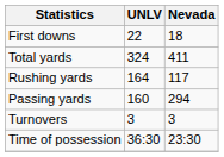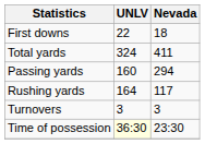 <table class="wikitable">
 <tr>
 <th>Statistics</th>
 <th>UNLV</th>
 <th>Nevada</th>
 </tr>
 <tr>
 <td>First downs</td>
 <td>22</td>
 <td>18</td>
 </tr>
 <tr>
 <td>Total yards</td>
 <td>324</td>
 <td>411</td>
 </tr>
 <tr>
+<td>Passing yards</td>
+<td>160</td>
+<td>294</td>
+</tr>
+<tr>
 <td>Rushing yards</td>
 <td>164</td>
 <td>117</td>
-</tr>
-<tr>
-<td>Passing yards</td>
-<td>160</td>
-<td>294</td>
 </tr>
 <tr>
 <td>Turnovers</td>
 <td>3</td>
 <td>3</td>
 </tr>
 <tr>
 <td>Time of possession</td>
-<td>36:30</td>
+<td style="background: lightyellow;">36:30</td>
 <td>23:30</td>
 </tr>
 <tr>
 </tr>
 </table>
